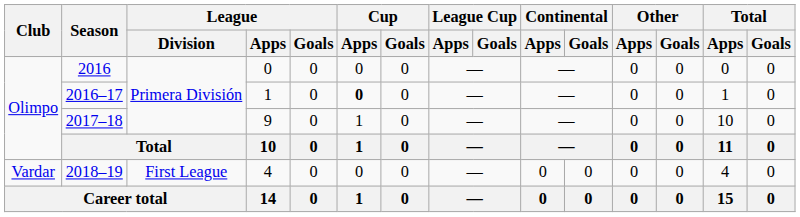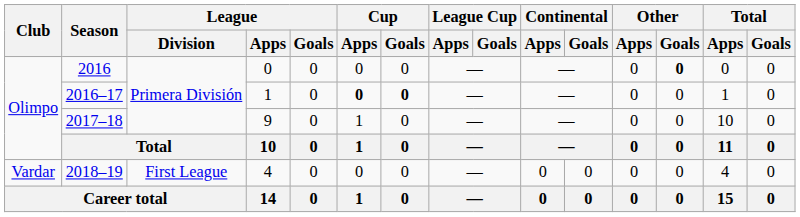 <table class="wikitable" style="text-align:center">
 <tr>
 <th rowspan="2">Club</th>
 <th rowspan="2">Season</th>
 <th colspan="3">League</th>
 <th colspan="2">Cup</th>
 <th colspan="2">League Cup</th>
 <th colspan="2">Continental</th>
 <th colspan="2">Other</th>
 <th colspan="2">Total</th>
 </tr>
 <tr>
 <th>Division</th>
 <th>Apps</th>
 <th>Goals</th>
 <th>Apps</th>
 <th>Goals</th>
 <th>Apps</th>
 <th>Goals</th>
 <th>Apps</th>
 <th>Goals</th>
 <th>Apps</th>
 <th>Goals</th>
 <th>Apps</th>
 <th>Goals</th>
 </tr>
 <tr>
 <td rowspan="4"><a href='#'>Olimpo</a></td>
 <td><a href='#'>2016</a></td>
 <td rowspan="3"><a href='#'>Primera División</a></td>
 <td>0</td>
 <td>0</td>
 <td>0</td>
 <td>0</td>
 <td colspan="2">—</td>
 <td colspan="2">—</td>
 <td>0</td>
-<td>0</td>
+<td><strong>0</strong></td>
 <td>0</td>
 <td>0</td>
 </tr>
 <tr>
 <td><a href='#'>2016–17</a></td>
 <td>1</td>
 <td>0</td>
 <td><strong>0</strong></td>
-<td>0</td>
+<td><strong>0</strong></td>
 <td colspan="2">—</td>
 <td colspan="2">—</td>
 <td>0</td>
 <td>0</td>
 <td>1</td>
 <td>0</td>
 </tr>
 <tr>
 <td><a href='#'>2017–18</a></td>
 <td>9</td>
 <td>0</td>
 <td>1</td>
 <td>0</td>
 <td colspan="2">—</td>
 <td colspan="2">—</td>
 <td>0</td>
 <td>0</td>
 <td>10</td>
 <td>0</td>
 </tr>
 <tr>
 <th colspan="2">Total</th>
 <th>10</th>
 <th>0</th>
 <th>1</th>
 <th>0</th>
 <th colspan="2">—</th>
 <th colspan="2">—</th>
 <th>0</th>
 <th>0</th>
 <th>11</th>
 <th>0</th>
 </tr>
 <tr>
 <td rowspan="1"><a href='#'>Vardar</a></td>
 <td><a href='#'>2018–19</a></td>
 <td rowspan="1"><a href='#'>First League</a></td>
 <td>4</td>
 <td>0</td>
 <td>0</td>
 <td>0</td>
 <td colspan="2">—</td>
 <td>0</td>
 <td>0</td>
 <td>0</td>
 <td>0</td>
 <td>4</td>
 <td>0</td>
 </tr>
 <tr>
 <th colspan="3">Career total</th>
 <th>14</th>
 <th>0</th>
 <th>1</th>
 <th>0</th>
 <th colspan="2">—</th>
 <th>0</th>
 <th>0</th>
 <th>0</th>
 <th>0</th>
 <th>15</th>
 <th>0</th>
 </tr>
 </table>
